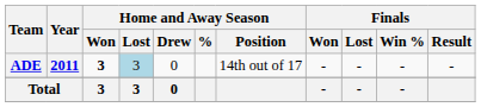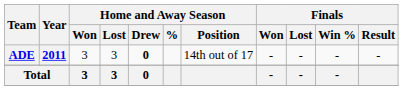 <table class="wikitable" style="font-size: 95%; text-align:center;">
 <tr>
 <th rowspan="2">Team</th>
 <th rowspan="2">Year</th>
 <th colspan="5">Home and Away Season</th>
 <th colspan="4">Finals</th>
 </tr>
 <tr>
 <th>Won</th>
 <th>Lost</th>
 <th>Drew</th>
 <th>%</th>
 <th>Position</th>
 <th>Won</th>
 <th>Lost</th>
 <th>Win %</th>
 <th>Result</th>
 </tr>
 <tr>
 <th><a href='#'>ADE</a></th>
 <th><a href='#'>2011</a></th>
-<td><strong>3</strong></td>
-<td style="background: lightblue;">3</td>
-<td>0</td>
+<td>3</td>
+<td>3</td>
+<td><strong>0</strong></td>
 <td></td>
 <td>14th out of 17</td>
 <td>-</td>
 <td>-</td>
 <td>-</td>
 <td>-</td>
 </tr>
 <tr ! ||3||0||>
 </tr>
 <tr !>
 <th colspan="2">Total</th>
 <th>3</th>
 <th>3</th>
 <th>0</th>
 <th></th>
 <th></th>
 <th>-</th>
 <th>-</th>
 <th>-</th>
 <th></th>
 </tr>
 <tr>
 </tr>
 </table>
